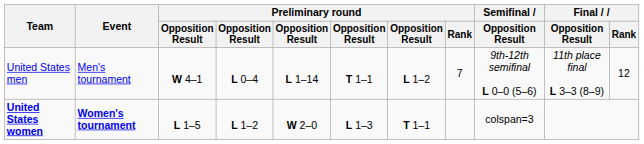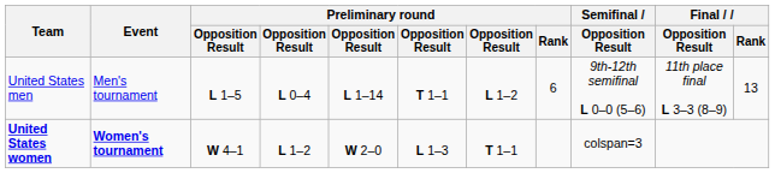 <table class=wikitable style=font-size:90%;text-align:center>
 <tr>
 <th rowspan=2>Team</th>
 <th rowspan=2>Event</th>
 <th colspan=6>Preliminary round</th>
 <th>Semifinal / </th>
 <th colspan=2>Final /  / </th>
 </tr>
 <tr style=font-size:95%>
 <th>Opposition<br>Result</th>
 <th>Opposition<br>Result</th>
 <th>Opposition<br>Result</th>
 <th>Opposition<br>Result</th>
 <th>Opposition<br>Result</th>
 <th>Rank</th>
 <th>Opposition<br>Result</th>
 <th>Opposition<br>Result</th>
 <th>Rank</th>
 </tr>
 <tr>
 <td align=left><a href='#'>United States men</a></td>
 <td align=left><a href='#'>Men's tournament</a></td>
-<td><br><strong>W</strong> 4–1</td>
+<td><br><strong>L</strong> 1–5</td>
 <td><br><strong>L</strong> 0–4</td>
 <td><br><strong>L</strong> 1–14</td>
 <td><br><strong>T</strong> 1–1</td>
 <td><br><strong>L</strong> 1–2</td>
-<td>7</td>
+<td>6</td>
 <td><em>9th-12th semifinal</em><br><br><strong>L</strong> 0–0 (5–6)</td>
 <td><em>11th place final</em><br><br><strong>L</strong> 3–3 (8–9)</td>
-<td>12</td>
+<td>13</td>
 </tr>
 <tr>
 <td align=left><strong><a href='#'>United States women</a></strong></td>
 <td align=left><strong><a href='#'>Women's tournament</a></strong></td>
-<td><br><strong>L</strong> 1–5</td>
+<td><br><strong>W</strong> 4–1</td>
 <td><br><strong>L</strong> 1–2</td>
 <td><br><strong>W</strong> 2–0</td>
 <td><br><strong>L</strong> 1–3</td>
 <td><br><strong>T</strong> 1–1</td>
 <td></td>
 <td>colspan=3 </td>
 </tr>
 </table>
